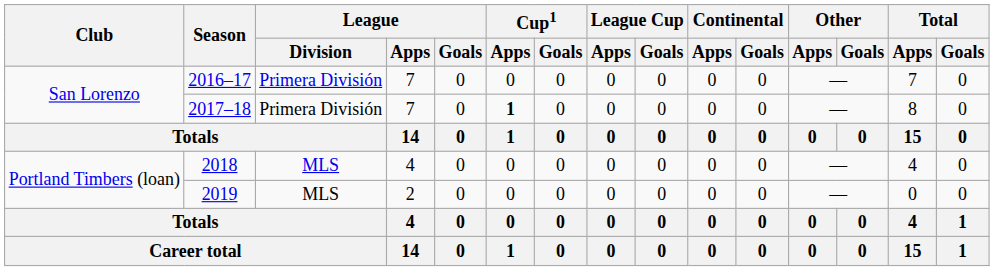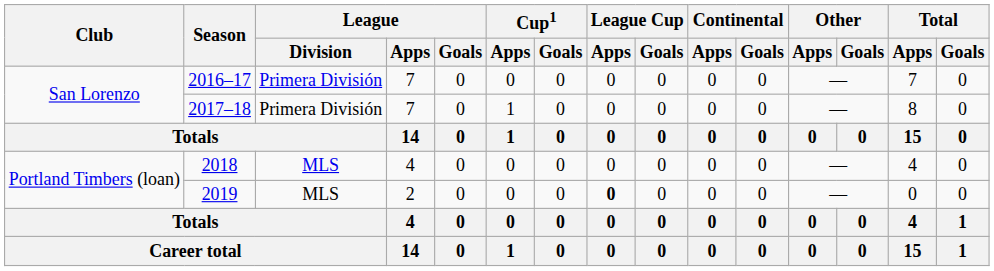 <table class="wikitable" style="text-align: center;">
 <tr>
 <th rowspan="2">Club</th>
 <th rowspan="2">Season</th>
 <th colspan="3">League</th>
 <th colspan="2">Cup<sup>1</sup></th>
 <th colspan="2">League Cup</th>
 <th colspan="2">Continental</th>
 <th colspan="2">Other</th>
 <th colspan="2">Total</th>
 </tr>
 <tr>
 <th>Division</th>
 <th>Apps</th>
 <th>Goals</th>
 <th>Apps</th>
 <th>Goals</th>
 <th>Apps</th>
 <th>Goals</th>
 <th>Apps</th>
 <th>Goals</th>
 <th>Apps</th>
 <th>Goals</th>
 <th>Apps</th>
 <th>Goals</th>
 </tr>
 <tr>
 <td rowspan="2" valign="center"><a href='#'>San Lorenzo</a></td>
 <td><a href='#'>2016–17</a></td>
 <td><a href='#'>Primera División</a></td>
 <td>7</td>
 <td>0</td>
 <td>0</td>
 <td>0</td>
 <td>0</td>
 <td>0</td>
 <td>0</td>
 <td>0</td>
 <td colspan="2">—</td>
 <td>7</td>
 <td>0</td>
 </tr>
 <tr>
 <td><a href='#'>2017–18</a></td>
 <td>Primera División</td>
 <td>7</td>
 <td>0</td>
-<td><strong>1</strong></td>
+<td>1</td>
 <td>0</td>
 <td>0</td>
 <td>0</td>
 <td>0</td>
 <td>0</td>
 <td colspan="2">—</td>
 <td>8</td>
 <td>0</td>
 </tr>
 <tr>
 <th colspan=3>Totals</th>
 <th>14</th>
 <th>0</th>
 <th>1</th>
 <th>0</th>
 <th>0</th>
 <th>0</th>
 <th>0</th>
 <th>0</th>
 <th>0</th>
 <th>0</th>
 <th>15</th>
 <th>0</th>
 </tr>
 <tr>
 <td rowspan="2" valign="center"><a href='#'>Portland Timbers</a> (loan)</td>
 <td><a href='#'>2018</a></td>
 <td><a href='#'>MLS</a></td>
 <td>4</td>
 <td>0</td>
 <td>0</td>
 <td>0</td>
 <td>0</td>
 <td>0</td>
 <td>0</td>
 <td>0</td>
 <td colspan="2">—</td>
 <td>4</td>
 <td>0</td>
 </tr>
 <tr>
 <td><a href='#'>2019</a></td>
 <td>MLS</td>
 <td>2</td>
 <td>0</td>
 <td>0</td>
 <td>0</td>
-<td>0</td>
+<td><strong>0</strong></td>
 <td>0</td>
 <td>0</td>
 <td>0</td>
 <td colspan="2">—</td>
 <td>0</td>
 <td>0</td>
 </tr>
 <tr>
 <th colspan=3>Totals</th>
 <th>4</th>
 <th>0</th>
 <th>0</th>
 <th>0</th>
 <th>0</th>
 <th>0</th>
 <th>0</th>
 <th>0</th>
 <th>0</th>
 <th>0</th>
 <th>4</th>
 <th>1</th>
 </tr>
 <tr>
 <th colspan="3">Career total</th>
 <th>14</th>
 <th>0</th>
 <th>1</th>
 <th>0</th>
 <th>0</th>
 <th>0</th>
 <th>0</th>
 <th>0</th>
 <th>0</th>
 <th>0</th>
 <th>15</th>
 <th>1</th>
 </tr>
 </table>
